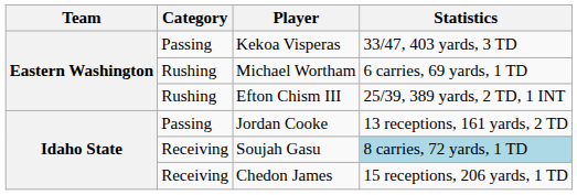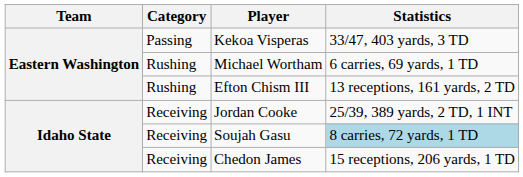 <table class="wikitable" style="float:right">
 <tr>
 <th>Team</th>
 <th>Category</th>
 <th>Player</th>
 <th>Statistics</th>
 </tr>
 <tr>
 <th rowspan=3>Eastern Washington</th>
 <td>Passing</td>
 <td>Kekoa Visperas</td>
 <td>33/47, 403 yards, 3 TD</td>
 </tr>
 <tr>
 <td>Rushing</td>
 <td>Michael Wortham</td>
 <td>6 carries, 69 yards, 1 TD</td>
 </tr>
 <tr>
 <td>Rushing</td>
 <td>Efton Chism III</td>
-<td>25/39, 389 yards, 2 TD, 1 INT</td>
+<td>13 receptions, 161 yards, 2 TD</td>
 </tr>
 <tr>
 <th rowspan=3>Idaho State</th>
-<td>Passing</td>
+<td>Receiving</td>
 <td>Jordan Cooke</td>
-<td>13 receptions, 161 yards, 2 TD</td>
+<td>25/39, 389 yards, 2 TD, 1 INT</td>
 </tr>
 <tr>
 <td>Receiving</td>
 <td>Soujah Gasu</td>
 <td style="background: lightblue;">8 carries, 72 yards, 1 TD</td>
 </tr>
 <tr>
 <td>Receiving</td>
 <td>Chedon James</td>
 <td>15 receptions, 206 yards, 1 TD</td>
 </tr>
 </table>
